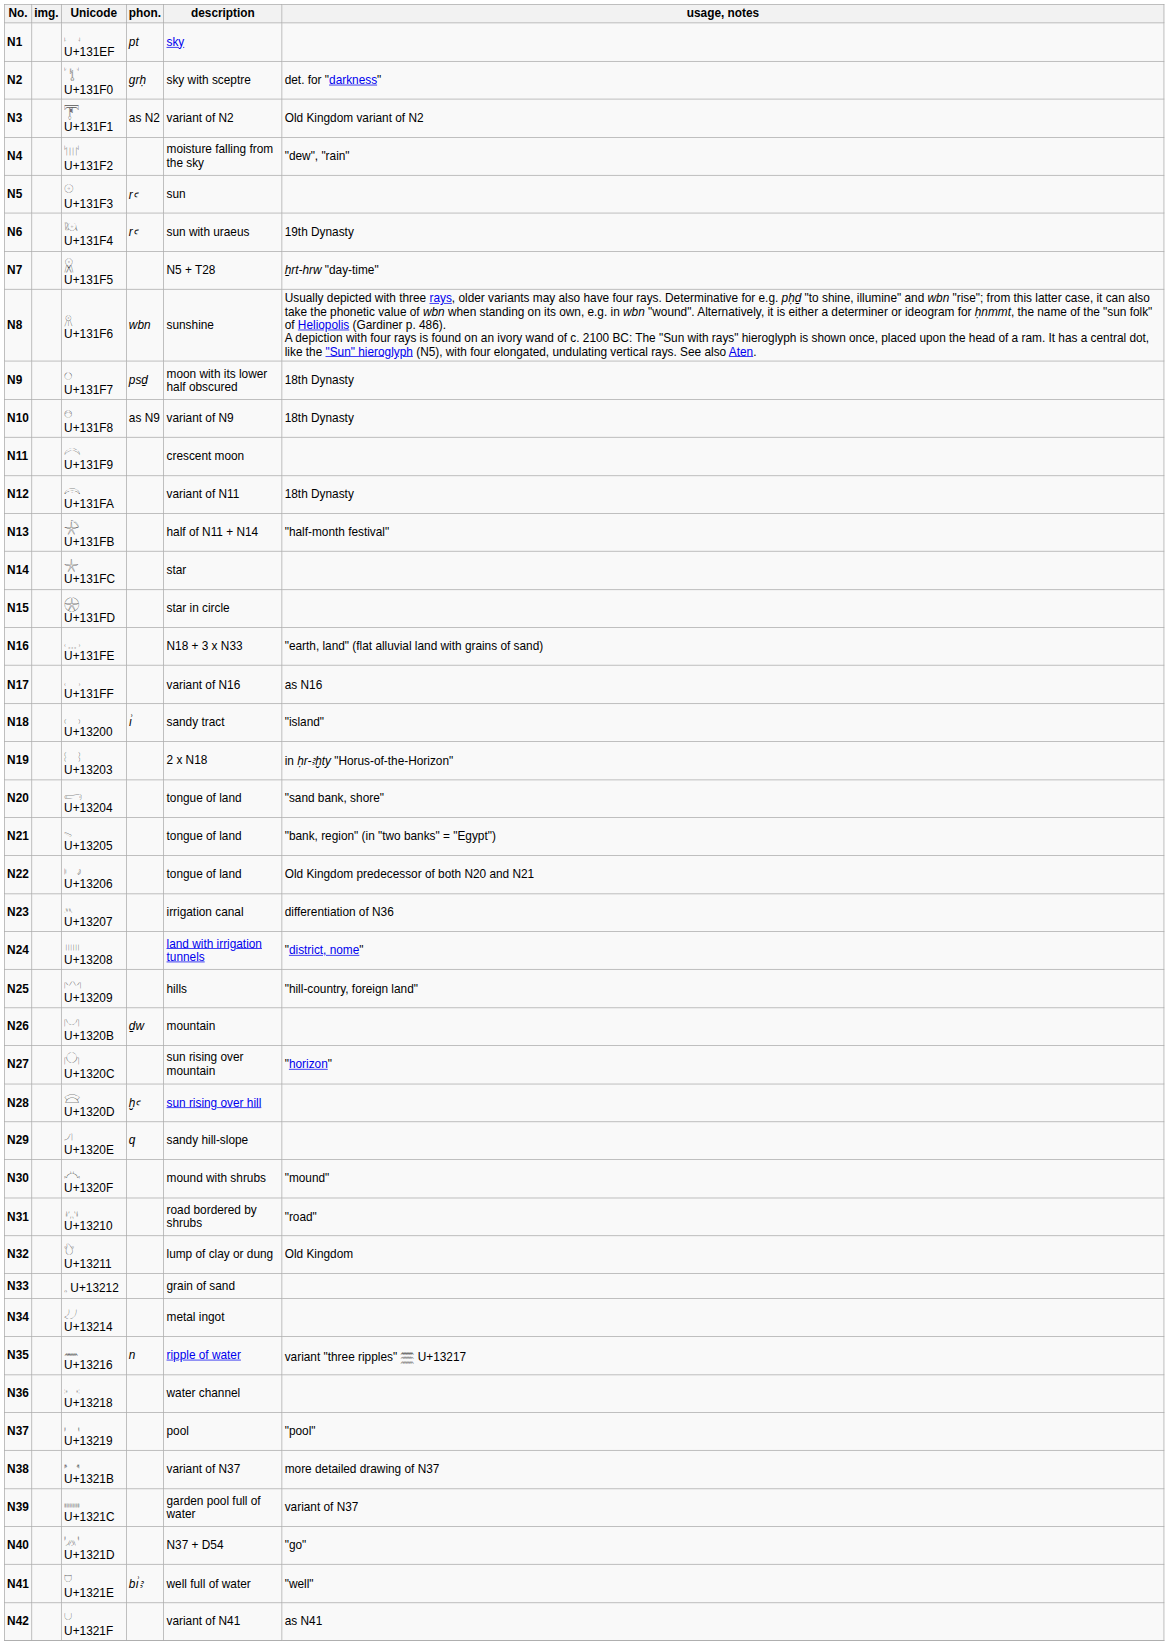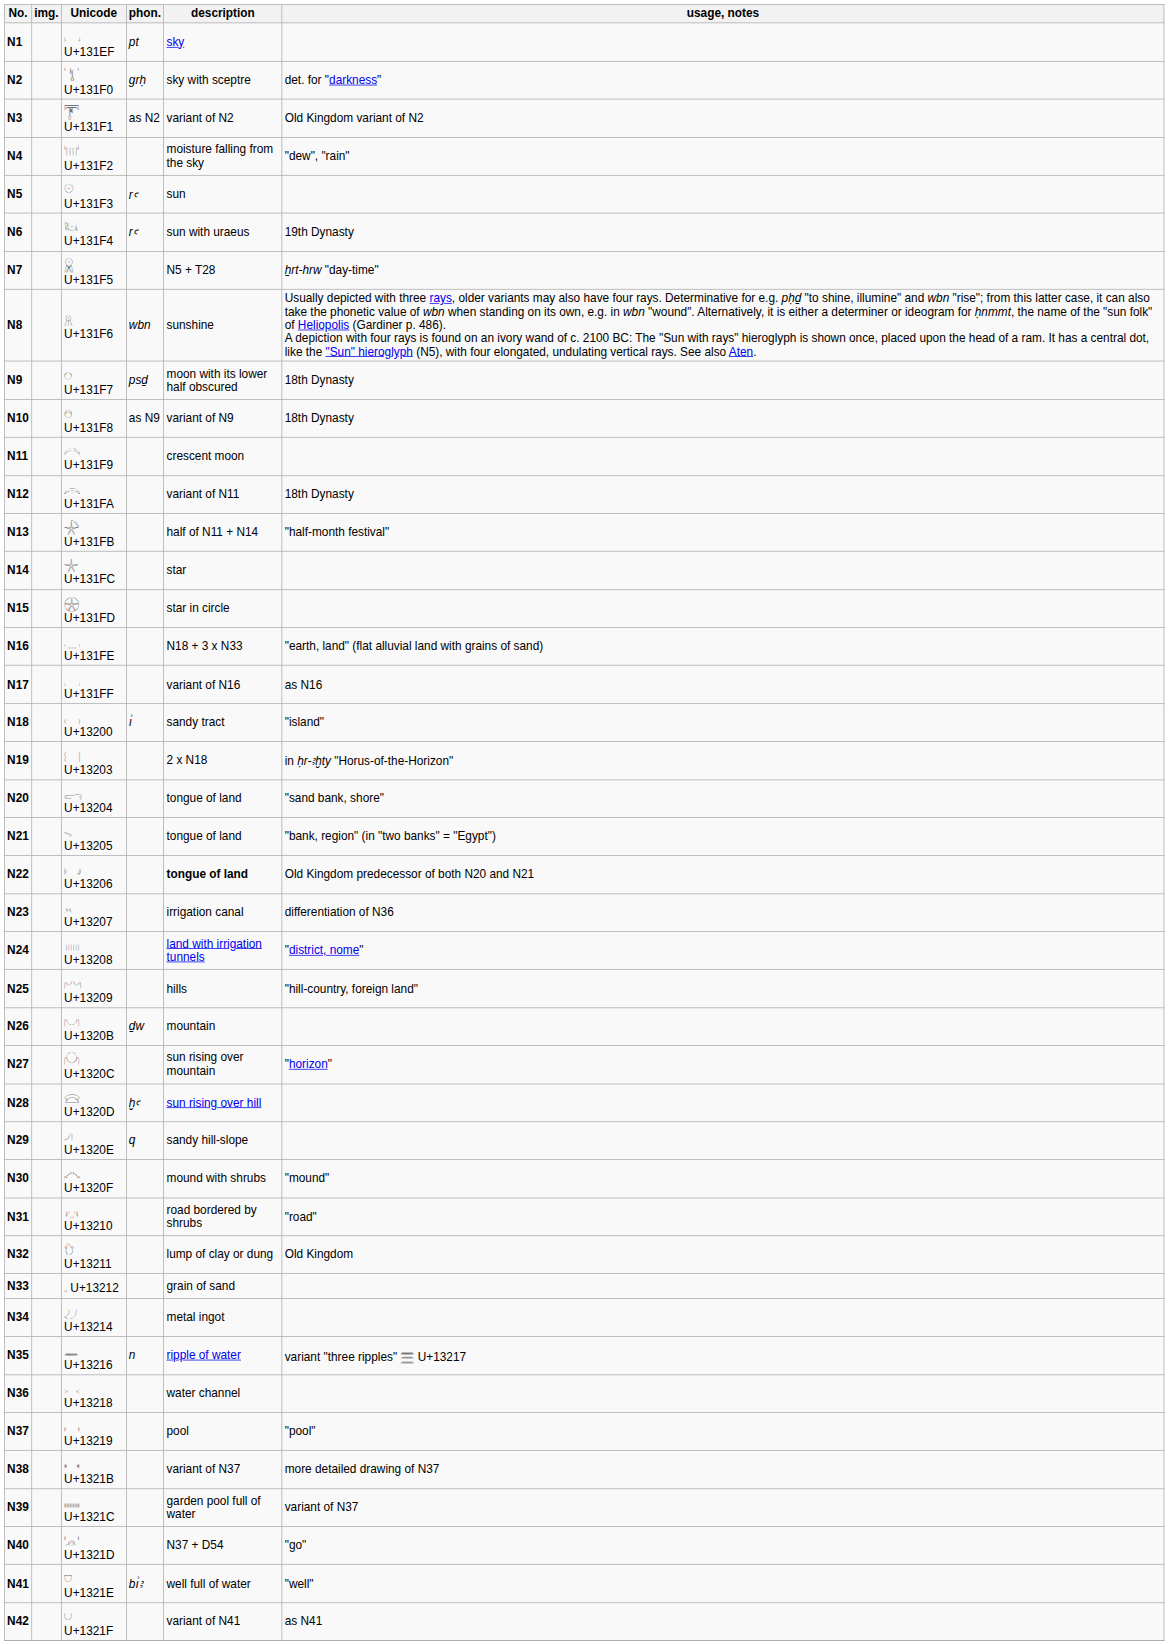 <table class="wikitable">
 <tr>
 <th>No.</th>
 <th>img.</th>
 <th>Unicode</th>
 <th>phon.</th>
 <th>description</th>
 <th>usage, notes</th>
 </tr>
 <tr>
 <td><strong>N1</strong></td>
 <td></td>
 <td>𓇯 U+131EF</td>
 <td><em>pt</em></td>
 <td><a href='#'>sky</a></td>
 <td></td>
 </tr>
 <tr>
 <td><strong>N2</strong></td>
 <td></td>
 <td>𓇰 U+131F0</td>
 <td><em>grḥ</em></td>
 <td>sky with sceptre</td>
 <td>det. for "<a href='#'>darkness</a>"</td>
 </tr>
 <tr>
 <td><strong>N3</strong></td>
 <td></td>
 <td>𓇱 U+131F1</td>
 <td>as N2</td>
 <td>variant of N2</td>
 <td>Old Kingdom variant of N2</td>
 </tr>
 <tr>
 <td><strong>N4</strong></td>
 <td></td>
 <td>𓇲 U+131F2</td>
 <td><em> </em></td>
 <td>moisture falling from the sky</td>
 <td>"dew", "rain"</td>
 </tr>
 <tr>
 <td><strong>N5</strong></td>
 <td></td>
 <td>𓇳 U+131F3</td>
 <td><em>rꜥ </em></td>
 <td>sun</td>
 <td></td>
 </tr>
 <tr>
 <td><strong>N6</strong></td>
 <td></td>
 <td>𓇴 U+131F4</td>
 <td><em>rꜥ </em></td>
 <td>sun with uraeus</td>
 <td>19th Dynasty</td>
 </tr>
 <tr>
 <td><strong>N7</strong></td>
 <td></td>
 <td>𓇵 U+131F5</td>
 <td></td>
 <td>N5 + T28</td>
 <td><em>ẖrt-hrw</em> "day-time"</td>
 </tr>
 <tr>
 <td><strong>N8</strong></td>
 <td></td>
 <td>𓇶 U+131F6</td>
 <td><em>wbn</em></td>
 <td>sunshine</td>
 <td>Usually depicted with three <a href='#'>rays</a>, older variants may also have four rays. Determinative for e.g. <em>pḥḏ</em> "to shine, illumine" and <em>wbn</em> "rise"; from this latter case, it can also take the phonetic value of <em>wbn</em>  when standing on its own, e.g. in <em>wbn</em> "wound". Alternatively, it is either a determiner or ideogram for <em>ḥnmmt</em>, the name of the "sun folk" of <a href='#'>Heliopolis</a> (Gardiner p. 486). <div>A depiction with four rays is found on an ivory wand of c. 2100 BC: The "Sun with rays" hieroglyph is shown once, placed upon the head of a ram. It has a central dot, like the <a href='#'>"Sun" hieroglyph</a> (N5), with four elongated, undulating vertical rays. See also <a href='#'>Aten</a>.</div></td>
 </tr>
 <tr>
 <td><strong>N9</strong></td>
 <td></td>
 <td>𓇷 U+131F7</td>
 <td><em>psḏ</em></td>
 <td>moon with its lower half obscured</td>
 <td>18th Dynasty</td>
 </tr>
 <tr>
 <td><strong>N10</strong></td>
 <td></td>
 <td>𓇸 U+131F8</td>
 <td>as N9</td>
 <td>variant of N9</td>
 <td>18th Dynasty</td>
 </tr>
 <tr>
 <td><strong>N11</strong></td>
 <td></td>
 <td>𓇹 U+131F9</td>
 <td></td>
 <td>crescent moon</td>
 <td></td>
 </tr>
 <tr>
 <td><strong>N12</strong></td>
 <td></td>
 <td>𓇺 U+131FA</td>
 <td></td>
 <td>variant of  N11</td>
 <td>18th Dynasty</td>
 </tr>
 <tr>
 <td><strong>N13</strong></td>
 <td></td>
 <td>𓇻 U+131FB</td>
 <td></td>
 <td>half of N11 + N14</td>
 <td>"half-month festival"</td>
 </tr>
 <tr>
 <td><strong>N14</strong></td>
 <td></td>
 <td>𓇼 U+131FC</td>
 <td></td>
 <td>star</td>
 <td></td>
 </tr>
 <tr>
 <td><strong>N15</strong></td>
 <td></td>
 <td>𓇽 U+131FD</td>
 <td></td>
 <td>star in circle</td>
 <td></td>
 </tr>
 <tr>
 <td><strong>N16</strong></td>
 <td></td>
 <td>𓇾 U+131FE</td>
 <td></td>
 <td>N18 + 3 x N33</td>
 <td>"earth, land" (flat alluvial land with grains of sand)</td>
 </tr>
 <tr>
 <td><strong>N17</strong></td>
 <td></td>
 <td>𓇿 U+131FF</td>
 <td></td>
 <td>variant of N16</td>
 <td>as N16</td>
 </tr>
 <tr>
 <td><strong>N18</strong></td>
 <td></td>
 <td>𓈀 U+13200</td>
 <td><em>ı͗</em></td>
 <td>sandy tract</td>
 <td>"island"</td>
 </tr>
 <tr>
 <td><strong>N19</strong></td>
 <td></td>
 <td>𓈃 U+13203</td>
 <td></td>
 <td>2 x N18</td>
 <td>in <em>ḥr-ꜣḫty</em> "Horus-of-the-Horizon"</td>
 </tr>
 <tr>
 <td><strong>N20</strong></td>
 <td></td>
 <td>𓈄 U+13204</td>
 <td></td>
 <td>tongue of land</td>
 <td>"sand bank, shore"</td>
 </tr>
 <tr>
 <td><strong>N21</strong></td>
 <td></td>
 <td>𓈅 U+13205</td>
 <td></td>
 <td>tongue of land</td>
 <td>"bank, region" (in "two banks" = "Egypt")</td>
 </tr>
 <tr>
 <td><strong>N22</strong></td>
 <td></td>
 <td>𓈆 U+13206</td>
 <td></td>
-<td>tongue of land</td>
+<td><strong>tongue of land</strong></td>
 <td>Old Kingdom predecessor of both N20 and N21</td>
 </tr>
 <tr>
 <td><strong>N23</strong></td>
 <td></td>
 <td>𓈇 U+13207</td>
 <td></td>
 <td>irrigation canal</td>
 <td>differentiation of N36</td>
 </tr>
 <tr>
 <td><strong>N24</strong></td>
 <td></td>
 <td>𓈈 U+13208</td>
 <td></td>
 <td><a href='#'>land with irrigation tunnels</a></td>
 <td>"<a href='#'>district, nome</a>"</td>
 </tr>
 <tr>
 <td><strong>N25</strong></td>
 <td></td>
 <td>𓈉 U+13209</td>
 <td></td>
 <td>hills</td>
 <td>"hill-country, foreign land"</td>
 </tr>
 <tr>
 <td><strong>N26</strong></td>
 <td></td>
 <td>𓈋 U+1320B</td>
 <td><em>ḏw</em></td>
 <td>mountain</td>
 <td></td>
 </tr>
 <tr>
 <td><strong>N27</strong></td>
 <td></td>
 <td>𓈌 U+1320C</td>
 <td></td>
 <td>sun rising over mountain</td>
 <td>"<a href='#'>horizon</a>"</td>
 </tr>
 <tr>
 <td><strong>N28</strong></td>
 <td></td>
 <td>𓈍 U+1320D</td>
 <td><em>ḫꜥ</em></td>
 <td><a href='#'>sun rising over hill</a></td>
 <td></td>
 </tr>
 <tr>
 <td><strong>N29</strong></td>
 <td></td>
 <td>𓈎 U+1320E</td>
 <td><em>q</em></td>
 <td>sandy hill-slope</td>
 <td></td>
 </tr>
 <tr>
 <td><strong>N30</strong></td>
 <td></td>
 <td>𓈏 U+1320F</td>
 <td></td>
 <td>mound with shrubs</td>
 <td>"mound"</td>
 </tr>
 <tr>
 <td><strong>N31</strong></td>
 <td></td>
 <td>𓈐 U+13210</td>
 <td></td>
 <td>road bordered by shrubs</td>
 <td>"road"</td>
 </tr>
 <tr>
 <td><strong>N32</strong></td>
 <td></td>
 <td>𓈑 U+13211</td>
 <td></td>
 <td>lump of clay or dung</td>
 <td>Old Kingdom</td>
 </tr>
 <tr>
 <td><strong>N33</strong></td>
 <td></td>
 <td>𓈒 U+13212</td>
 <td></td>
 <td>grain of sand</td>
 <td></td>
 </tr>
 <tr>
 <td><strong>N34</strong></td>
 <td></td>
 <td>𓈔 U+13214</td>
 <td></td>
 <td>metal ingot</td>
 <td></td>
 </tr>
 <tr>
 <td><strong>N35</strong></td>
 <td></td>
 <td>𓈖 U+13216</td>
 <td><em>n</em></td>
 <td><a href='#'>ripple of water</a></td>
 <td>variant "three ripples" 𓈗 U+13217</td>
 </tr>
 <tr>
 <td><strong>N36</strong></td>
 <td></td>
 <td>𓈘 U+13218</td>
 <td></td>
 <td>water channel</td>
 <td></td>
 </tr>
 <tr>
 <td><strong>N37</strong></td>
 <td></td>
 <td>𓈙 U+13219</td>
 <td></td>
 <td>pool</td>
 <td>"pool"</td>
 </tr>
 <tr>
 <td><strong>N38</strong></td>
 <td></td>
 <td>𓈛 U+1321B</td>
 <td></td>
 <td>variant of N37</td>
 <td>more detailed drawing of N37</td>
 </tr>
 <tr>
 <td><strong>N39</strong></td>
 <td></td>
 <td>𓈜 U+1321C</td>
 <td></td>
 <td>garden pool full of water</td>
 <td>variant of N37</td>
 </tr>
 <tr>
 <td><strong>N40</strong></td>
 <td></td>
 <td>𓈝 U+1321D</td>
 <td></td>
 <td>N37 + D54</td>
 <td>"go"</td>
 </tr>
 <tr>
 <td><strong>N41</strong></td>
 <td></td>
 <td>𓈞 U+1321E</td>
 <td><em>bı͗ꜣ</em></td>
 <td>well full of water</td>
 <td>"well"</td>
 </tr>
 <tr>
 <td><strong>N42</strong></td>
 <td></td>
 <td>𓈟 U+1321F</td>
 <td></td>
 <td>variant of N41</td>
 <td>as N41</td>
 </tr>
 <tr>
 </tr>
 </table>
